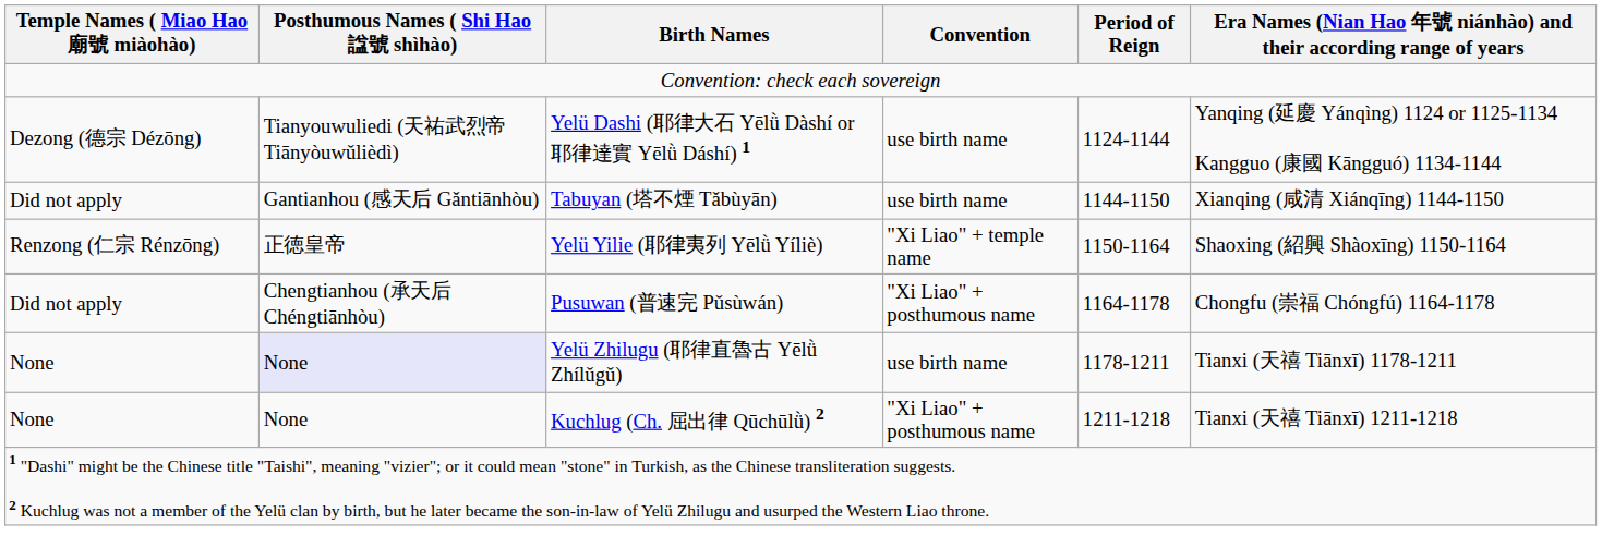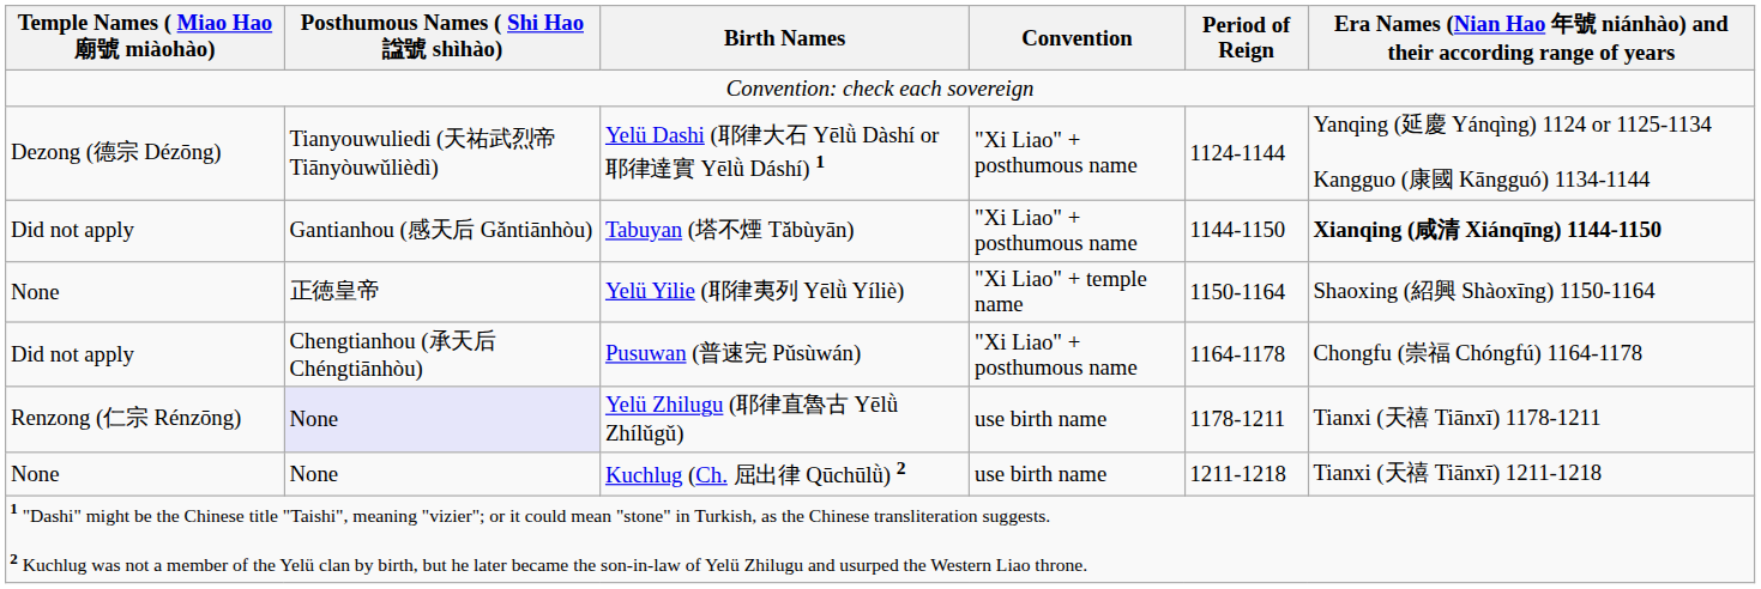 <table class="wikitable">
 <tr>
 <th>Temple Names ( <a href='#'>Miao Hao</a> 廟號 miàohào)</th>
 <th>Posthumous Names ( <a href='#'>Shi Hao</a> 諡號 shìhào)</th>
 <th>Birth Names</th>
 <th>Convention</th>
 <th>Period of Reign</th>
 <th>Era Names (<a href='#'>Nian Hao</a> 年號 niánhào) and their according range of years</th>
 </tr>
 <tr>
 <td colspan="6" align="center"><em>Convention: check each sovereign</em></td>
 </tr>
 <tr>
 <td>Dezong (德宗 Dézōng)</td>
 <td>Tianyouwuliedi (天祐武烈帝 Tiānyòuwǔlièdì)</td>
 <td><a href='#'>Yelü Dashi</a> (耶律大石 Yēlǜ Dàshí or 耶律達實 Yēlǜ Dáshí) <sup><strong>1</strong></sup></td>
-<td>use birth name</td>
+<td>"Xi Liao" + posthumous name</td>
 <td>1124-1144</td>
 <td>Yanqing (延慶 Yánqìng) 1124 or 1125-1134<br><br>Kangguo (康國 Kāngguó) 1134-1144<br></td>
 </tr>
 <tr>
 <td>Did not apply</td>
 <td>Gantianhou (感天后 Gǎntiānhòu)</td>
 <td><a href='#'>Tabuyan</a> (塔不煙 Tǎbùyān)</td>
-<td>use birth name</td>
+<td>"Xi Liao" + posthumous name</td>
 <td>1144-1150</td>
-<td>Xianqing (咸清 Xiánqīng) 1144-1150<br></td>
+<td><strong>Xianqing (咸清 Xiánqīng) 1144-1150<br></strong></td>
 </tr>
 <tr>
-<td>Renzong (仁宗 Rénzōng)</td>
+<td>None</td>
 <td>正徳皇帝</td>
 <td><a href='#'>Yelü Yilie</a> (耶律夷列 Yēlǜ Yíliè)</td>
 <td>"Xi Liao" + temple name</td>
 <td>1150-1164</td>
 <td>Shaoxing (紹興 Shàoxīng) 1150-1164<br></td>
 </tr>
 <tr>
 <td>Did not apply</td>
 <td>Chengtianhou (承天后 Chéngtiānhòu)</td>
 <td><a href='#'>Pusuwan</a> (普速完 Pǔsùwán)</td>
 <td>"Xi Liao" + posthumous name</td>
 <td>1164-1178</td>
 <td>Chongfu (崇福 Chóngfú) 1164-1178<br></td>
 </tr>
 <tr>
-<td>None</td>
+<td>Renzong (仁宗 Rénzōng)</td>
 <td style="background: lavender;">None</td>
 <td><a href='#'>Yelü Zhilugu</a> (耶律直魯古 Yēlǜ Zhílǔgǔ)</td>
 <td>use birth name</td>
 <td>1178-1211</td>
 <td>Tianxi (天禧 Tiānxī) 1178-1211<br></td>
 </tr>
 <tr>
 <td>None</td>
 <td>None</td>
 <td><a href='#'>Kuchlug</a> (<a href='#'>Ch.</a> 屈出律 Qūchūlǜ) <sup><strong>2</strong></sup></td>
-<td>"Xi Liao" + posthumous name</td>
+<td>use birth name</td>
 <td>1211-1218</td>
 <td>Tianxi (天禧 Tiānxī) 1211-1218<br></td>
 </tr>
 <tr>
 <td colspan="6" style="font-size:smaller"><strong><sup>1</sup></strong> "Dashi" might be the Chinese title "Taishi", meaning "vizier"; or it could mean "stone" in Turkish, as the Chinese transliteration suggests.<br><br><strong><sup>2</sup></strong> Kuchlug was not a member of the Yelü clan by birth, but he later became the son-in-law of  Yelü Zhilugu and usurped the Western Liao throne.</td>
 </tr>
 </table>
